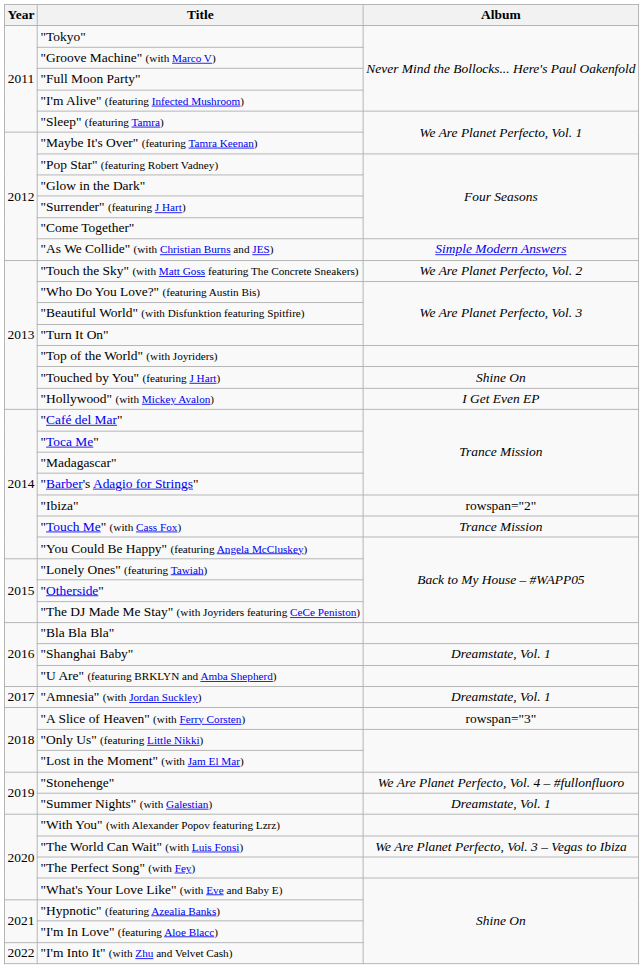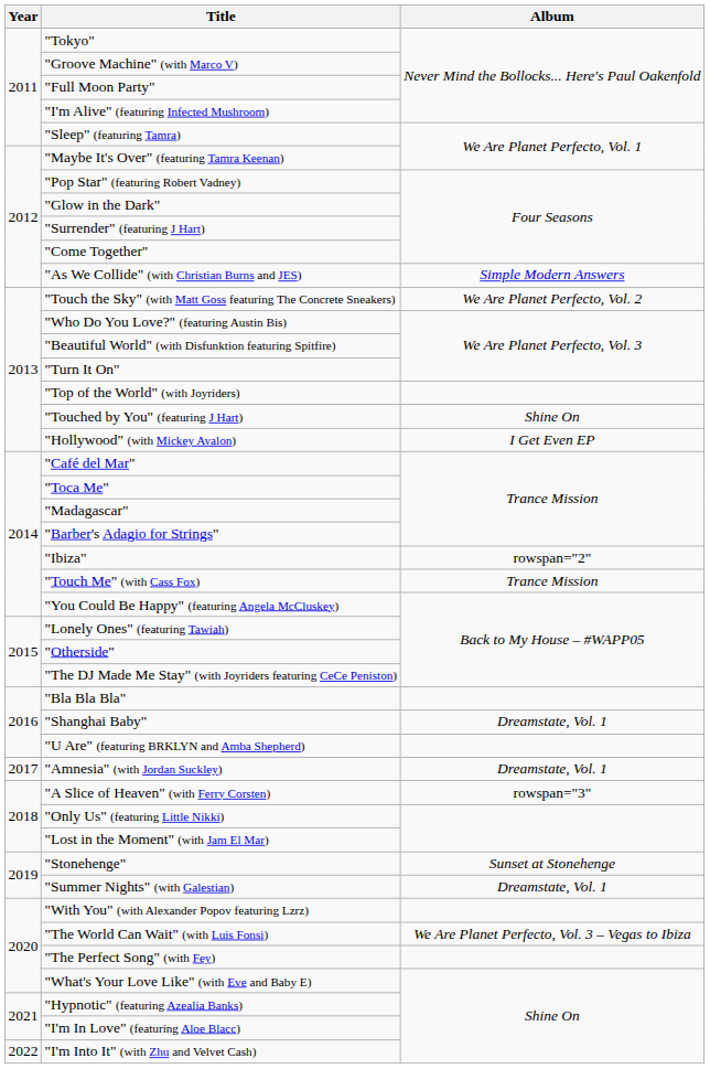 <table class="wikitable" style="text-align: center;">
 <tr>
 <th scope="col">Year</th>
 <th scope="col">Title</th>
 <th scope="col">Album</th>
 </tr>
 <tr>
 <td rowspan="5">2011</td>
 <td align="left">"Tokyo"</td>
 <td rowspan="4"><em>Never Mind the Bollocks... Here's Paul Oakenfold</em></td>
 </tr>
 <tr>
 <td align="left">"Groove Machine" <small>(with <a href='#'>Marco V</a>)</small></td>
 </tr>
 <tr>
 <td align="left">"Full Moon Party"</td>
 </tr>
 <tr>
 <td align="left">"I'm Alive" <small>(featuring <a href='#'>Infected Mushroom</a>)</small></td>
 </tr>
 <tr>
 <td align="left">"Sleep" <small>(featuring <a href='#'>Tamra</a>)</small></td>
 <td rowspan="2"><em>We Are Planet Perfecto, Vol. 1</em></td>
 </tr>
 <tr>
 <td rowspan="6">2012</td>
 <td align="left">"Maybe It's Over" <small>(featuring <a href='#'>Tamra Keenan</a>)</small></td>
 </tr>
 <tr>
 <td align="left">"Pop Star" <small>(featuring Robert Vadney)</small></td>
 <td rowspan="4"><em>Four Seasons</em></td>
 </tr>
 <tr>
 <td align="left">"Glow in the Dark"</td>
 </tr>
 <tr>
 <td align="left">"Surrender" <small>(featuring <a href='#'>J Hart</a>)</small></td>
 </tr>
 <tr>
 <td align="left">"Come Together"</td>
 </tr>
 <tr>
 <td align="left">"As We Collide" <small>(with <a href='#'>Christian Burns</a> and <a href='#'>JES</a>)</small></td>
 <td><em><a href='#'>Simple Modern Answers</a></em></td>
 </tr>
 <tr>
 <td rowspan="7">2013</td>
 <td align="left">"Touch the Sky" <small>(with <a href='#'>Matt Goss</a> featuring The Concrete Sneakers)</small></td>
 <td><em>We Are Planet Perfecto, Vol. 2</em></td>
 </tr>
 <tr>
 <td align="left">"Who Do You Love?" <small>(featuring Austin Bis)</small></td>
 <td rowspan="3"><em>We Are Planet Perfecto, Vol. 3</em></td>
 </tr>
 <tr>
 <td align="left">"Beautiful World" <small>(with Disfunktion featuring Spitfire)</small></td>
 </tr>
 <tr>
 <td align="left">"Turn It On"</td>
 </tr>
 <tr>
 <td align="left">"Top of the World" <small>(with Joyriders)</small></td>
 <td></td>
 </tr>
 <tr>
 <td align="left">"Touched by You" <small>(featuring <a href='#'>J Hart</a>)</small></td>
 <td><em>Shine On</em></td>
 </tr>
 <tr>
 <td align="left">"Hollywood" <small>(with <a href='#'>Mickey Avalon</a>)</small></td>
 <td><em>I Get Even EP</em></td>
 </tr>
 <tr>
 <td rowspan="7">2014</td>
 <td align="left">"<a href='#'>Café del Mar</a>"</td>
 <td rowspan="4"><em>Trance Mission</em></td>
 </tr>
 <tr>
 <td align="left">"<a href='#'>Toca Me</a>"</td>
 </tr>
 <tr>
 <td align="left">"Madagascar"</td>
 </tr>
 <tr>
 <td align="left">"<a href='#'>Barber</a>'s <a href='#'>Adagio for Strings</a>"</td>
 </tr>
 <tr>
 <td align="left">"Ibiza"</td>
 <td>rowspan="2" </td>
 </tr>
 <tr>
 <td align="left">"<a href='#'>Touch Me</a>" <small>(with <a href='#'>Cass Fox</a>)</small></td>
 <td><em>Trance Mission</em></td>
 </tr>
 <tr>
 <td align="left">"You Could Be Happy" <small>(featuring <a href='#'>Angela McCluskey</a>)</small></td>
 <td rowspan="4"><em>Back to My House – #WAPP05</em></td>
 </tr>
 <tr>
 <td rowspan="3">2015</td>
 <td align="left">"Lonely Ones" <small>(featuring <a href='#'>Tawiah</a>)</small></td>
 </tr>
 <tr>
 <td align="left">"<a href='#'>Otherside</a>"</td>
 </tr>
 <tr>
 <td align="left">"The DJ Made Me Stay" <small>(with Joyriders featuring <a href='#'>CeCe Peniston</a>)</small></td>
 </tr>
 <tr>
 <td rowspan="3">2016</td>
 <td align="left">"Bla Bla Bla"</td>
 <td></td>
 </tr>
 <tr>
 <td align="left">"Shanghai Baby"</td>
 <td><em>Dreamstate, Vol. 1</em></td>
 </tr>
 <tr>
 <td align="left">"U Are" <small>(featuring BRKLYN and <a href='#'>Amba Shepherd</a>)</small></td>
 <td></td>
 </tr>
 <tr>
 <td>2017</td>
 <td align="left">"Amnesia" <small>(with <a href='#'>Jordan Suckley</a>)</small></td>
 <td><em>Dreamstate, Vol. 1</em></td>
 </tr>
 <tr>
 <td rowspan="3">2018</td>
 <td align="left">"A Slice of Heaven" <small>(with <a href='#'>Ferry Corsten</a>)</small></td>
 <td>rowspan="3" </td>
 </tr>
 <tr>
 <td align="left">"Only Us" <small>(featuring <a href='#'>Little Nikki</a>)</small></td>
 </tr>
 <tr>
 <td align="left">"Lost in the Moment" <small>(with <a href='#'>Jam El Mar</a>)</small></td>
 </tr>
 <tr>
 <td rowspan="2">2019</td>
 <td align="left">"Stonehenge"</td>
-<td><em>We Are Planet Perfecto, Vol. 4 – #fullonfluoro</em></td>
+<td><em>Sunset at Stonehenge</em></td>
 </tr>
 <tr>
 <td align="left">"Summer Nights" <small>(with <a href='#'>Galestian</a>)</small></td>
 <td><em>Dreamstate, Vol. 1</em></td>
 </tr>
 <tr>
 <td rowspan="4">2020</td>
 <td align="left">"With You" <small>(with Alexander Popov featuring Lzrz)</small></td>
 </tr>
 <tr>
 <td align="left">"The World Can Wait" <small>(with <a href='#'>Luis Fonsi</a>)</small></td>
 <td><em>We Are Planet Perfecto, Vol. 3 – Vegas to Ibiza</em></td>
 </tr>
 <tr>
 <td align="left">"The Perfect Song" <small>(with <a href='#'>Fey</a>)</small></td>
 <td></td>
 </tr>
 <tr>
 <td align="left">"What's Your Love Like" <small>(with <a href='#'>Eve</a> and Baby E)</small></td>
 <td rowspan="4"><em>Shine On</em></td>
 </tr>
 <tr>
 <td rowspan="2">2021</td>
 <td align="left">"Hypnotic" <small>(featuring <a href='#'>Azealia Banks</a>)</small></td>
 </tr>
 <tr>
 <td align="left">"I'm In Love" <small>(featuring <a href='#'>Aloe Blacc</a>)</small></td>
 </tr>
 <tr>
 <td>2022</td>
 <td align="left">"I'm Into It" <small>(with <a href='#'>Zhu</a> and Velvet Cash)</small></td>
 </tr>
 </table>
